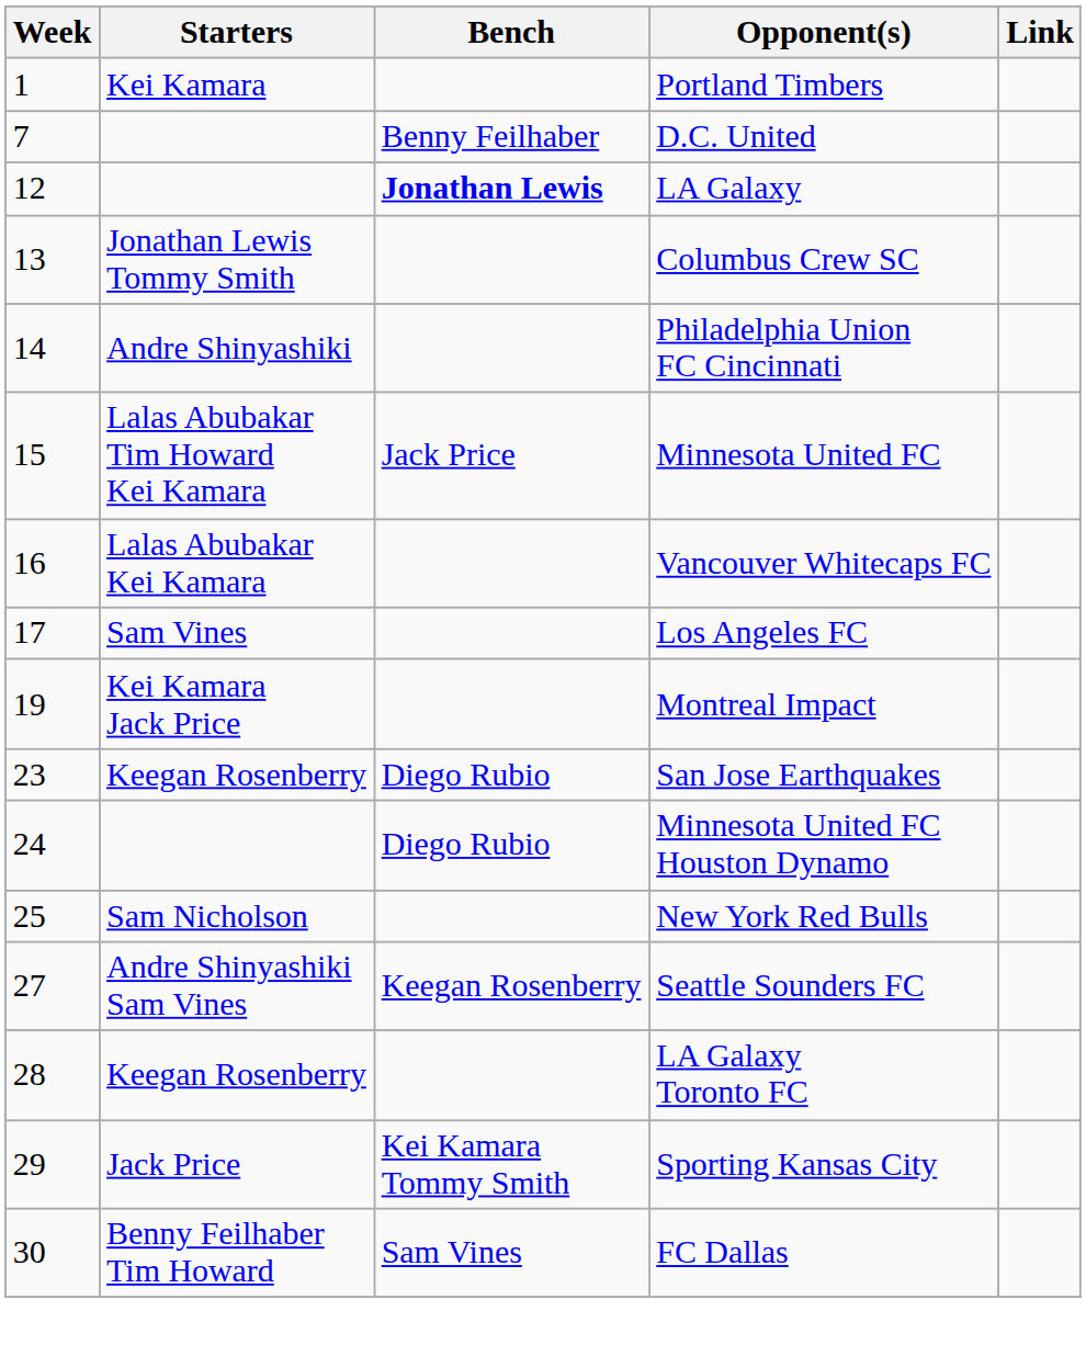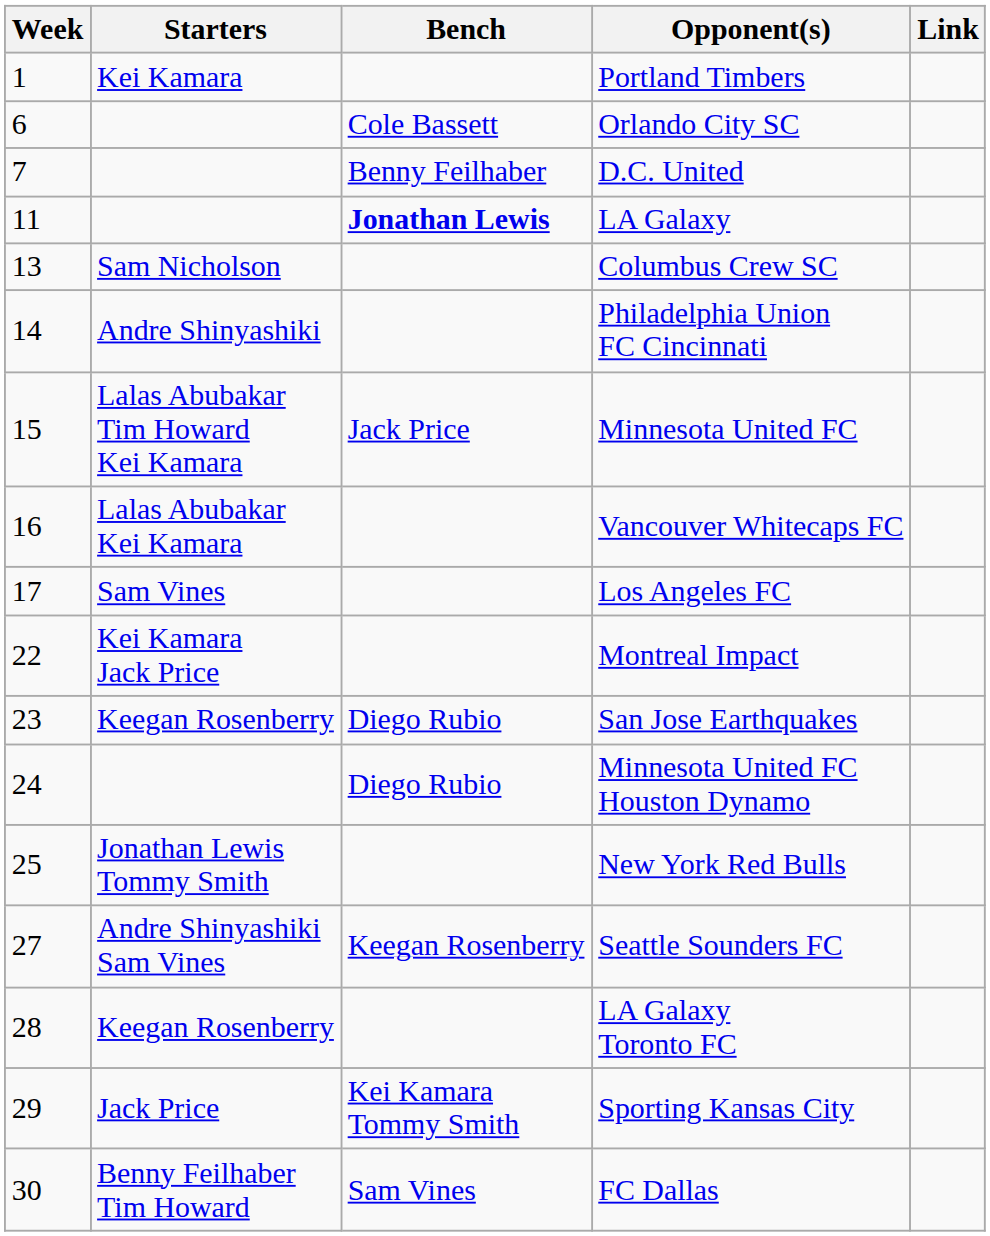 <table class=wikitable style="display:inline-table;">
 <tr>
 <th>Week</th>
 <th>Starters</th>
 <th>Bench</th>
 <th>Opponent(s)</th>
 <th>Link</th>
 </tr>
 <tr>
 <td>1</td>
 <td> <a href='#'>Kei Kamara</a></td>
 <td></td>
 <td><a href='#'>Portland Timbers</a></td>
 <td></td>
 </tr>
 <tr>
+<td>6</td>
+<td></td>
+<td> <a href='#'>Cole Bassett</a></td>
+<td><a href='#'>Orlando City SC</a></td>
+<td></td>
+</tr>
+<tr>
 <td>7</td>
 <td></td>
 <td> <a href='#'>Benny Feilhaber</a></td>
 <td><a href='#'>D.C. United</a></td>
 <td></td>
 </tr>
 <tr>
-<td>12</td>
+<td>11</td>
 <td></td>
 <td><strong> <a href='#'>Jonathan Lewis</a></strong></td>
 <td><a href='#'>LA Galaxy</a></td>
 <td></td>
 </tr>
 <tr>
 <td>13</td>
-<td> <a href='#'>Jonathan Lewis</a><br> <a href='#'>Tommy Smith</a></td>
+<td> <a href='#'>Sam Nicholson</a></td>
 <td></td>
 <td><a href='#'>Columbus Crew SC</a></td>
 <td></td>
 </tr>
 <tr>
 <td>14</td>
 <td> <a href='#'>Andre Shinyashiki</a></td>
 <td></td>
 <td><a href='#'>Philadelphia Union</a><br><a href='#'>FC Cincinnati</a></td>
 <td></td>
 </tr>
 <tr>
 <td>15</td>
 <td> <a href='#'>Lalas Abubakar</a><br> <a href='#'>Tim Howard</a><br> <a href='#'>Kei Kamara</a></td>
 <td> <a href='#'>Jack Price</a></td>
 <td><a href='#'>Minnesota United FC</a></td>
 <td></td>
 </tr>
 <tr>
 <td>16</td>
 <td> <a href='#'>Lalas Abubakar</a><br> <a href='#'>Kei Kamara</a></td>
 <td></td>
 <td><a href='#'>Vancouver Whitecaps FC</a></td>
 <td></td>
 </tr>
 <tr>
 <td>17</td>
 <td> <a href='#'>Sam Vines</a></td>
 <td></td>
 <td><a href='#'>Los Angeles FC</a></td>
 <td></td>
 </tr>
 <tr>
-<td>19</td>
+<td>22</td>
 <td> <a href='#'>Kei Kamara</a><br> <a href='#'>Jack Price</a></td>
 <td></td>
 <td><a href='#'>Montreal Impact</a></td>
 <td></td>
 </tr>
 <tr>
 <td>23</td>
 <td> <a href='#'>Keegan Rosenberry</a></td>
 <td> <a href='#'>Diego Rubio</a></td>
 <td><a href='#'>San Jose Earthquakes</a></td>
 <td></td>
 </tr>
 <tr>
 <td>24</td>
 <td></td>
 <td> <a href='#'>Diego Rubio</a></td>
 <td><a href='#'>Minnesota United FC</a><br><a href='#'>Houston Dynamo</a></td>
 <td></td>
 </tr>
 <tr>
 <td>25</td>
-<td> <a href='#'>Sam Nicholson</a></td>
+<td> <a href='#'>Jonathan Lewis</a><br> <a href='#'>Tommy Smith</a></td>
 <td></td>
 <td><a href='#'>New York Red Bulls</a></td>
 <td></td>
 </tr>
 <tr>
 <td>27</td>
 <td> <a href='#'>Andre Shinyashiki</a><br> <a href='#'>Sam Vines</a></td>
 <td> <a href='#'>Keegan Rosenberry</a></td>
 <td><a href='#'>Seattle Sounders FC</a></td>
 <td></td>
 </tr>
 <tr>
 <td>28</td>
 <td> <a href='#'>Keegan Rosenberry</a></td>
 <td></td>
 <td><a href='#'>LA Galaxy</a><br><a href='#'>Toronto FC</a></td>
 <td></td>
 </tr>
 <tr>
 <td>29</td>
 <td> <a href='#'>Jack Price</a></td>
 <td> <a href='#'>Kei Kamara</a><br> <a href='#'>Tommy Smith</a></td>
 <td><a href='#'>Sporting Kansas City</a></td>
 <td></td>
 </tr>
 <tr>
 <td>30</td>
 <td> <a href='#'>Benny Feilhaber</a><br> <a href='#'>Tim Howard</a></td>
 <td> <a href='#'>Sam Vines</a></td>
 <td><a href='#'>FC Dallas</a></td>
 <td></td>
 </tr>
 </table>
